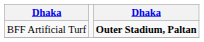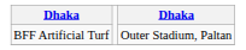 <table class="wikitable" style="text-align:center; margin:0.2em auto;">
 <tr>
 <th><a href='#'>Dhaka</a></th>
 <td rowspan="3"></td>
 <th><a href='#'>Dhaka</a></th>
 </tr>
 <tr>
 <td>BFF Artificial Turf</td>
-<td><strong>Outer Stadium, Paltan</strong></td>
+<td>Outer Stadium, Paltan</td>
 </tr>
 <tr>
 </tr>
 </table>
